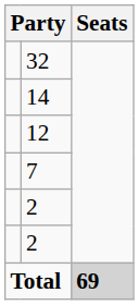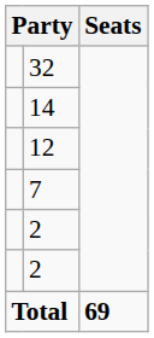 <table class="wikitable">
 <tr>
 <th colspan=2>Party</th>
 <th>Seats</th>
 </tr>
 <tr>
 <td></td>
 <td>32</td>
 </tr>
 <tr>
 <td></td>
 <td>14</td>
 </tr>
 <tr>
 <td></td>
 <td>12</td>
 </tr>
 <tr>
 <td></td>
 <td>7</td>
 </tr>
 <tr>
 <td></td>
 <td>2</td>
 </tr>
 <tr>
 <td></td>
 <td>2</td>
 </tr>
 <tr>
 <td colspan="2"><strong>Total</strong></td>
-<td style="background: lightgrey;"><strong>69</strong></td>
+<td><strong>69</strong></td>
 </tr>
 </table>
